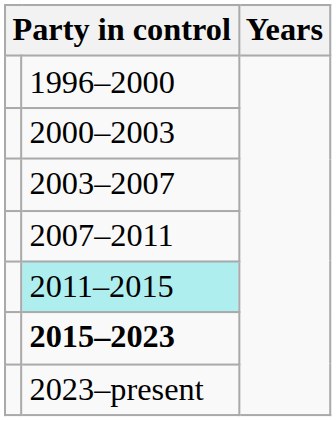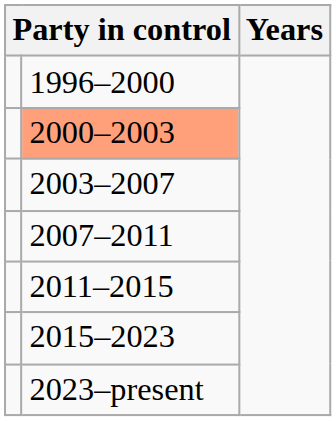 <table class="wikitable">
 <tr>
 <th colspan="2">Party in control</th>
 <th>Years</th>
 </tr>
 <tr>
 <td></td>
 <td>1996–2000</td>
 </tr>
 <tr>
 <td></td>
-<td>2000–2003</td>
+<td style="background: lightsalmon;">2000–2003</td>
 </tr>
 <tr>
 <td></td>
 <td>2003–2007</td>
 </tr>
 <tr>
 <td></td>
 <td>2007–2011</td>
 </tr>
 <tr>
 <td></td>
-<td style="background: paleturquoise;">2011–2015</td>
+<td>2011–2015</td>
 </tr>
 <tr>
 <td></td>
-<td><strong>2015–2023</strong></td>
+<td>2015–2023</td>
 </tr>
 <tr>
 <td></td>
 <td>2023–present</td>
 </tr>
 </table>
